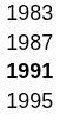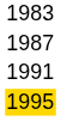 <table>
 <tr>
 <td>1983</td>
 <td></td>
 <td></td>
 <td></td>
 </tr>
 <tr>
 <td>1987</td>
 <td></td>
 <td></td>
 <td></td>
 </tr>
 <tr>
-<td><strong>1991</strong></td>
+<td>1991</td>
 <td></td>
 <td></td>
 <td></td>
 </tr>
 <tr>
-<td>1995</td>
+<td style="background: gold;">1995</td>
 <td></td>
 <td></td>
 <td></td>
 </tr>
 </table>
